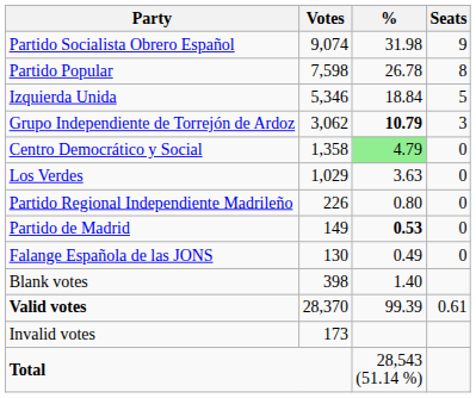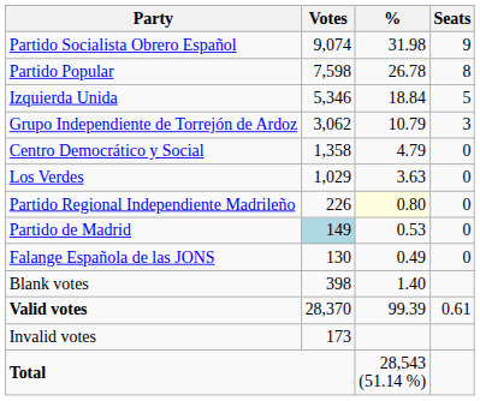 <table class="wikitable" border="1">
 <tr style="background-color:#E9E9E9">
 <th>Party</th>
 <th>Votes</th>
 <th>%</th>
 <th>Seats</th>
 </tr>
 <tr>
 <td><a href='#'>Partido Socialista Obrero Español</a></td>
 <td align="right">9,074</td>
 <td align="right">31.98</td>
 <td align="right">9</td>
 </tr>
 <tr>
 <td><a href='#'>Partido Popular</a></td>
 <td align="right">7,598</td>
 <td align="right">26.78</td>
 <td align="right">8</td>
 </tr>
 <tr>
 <td><a href='#'>Izquierda Unida</a></td>
 <td align="right">5,346</td>
 <td align="right">18.84</td>
 <td align="right">5</td>
 </tr>
 <tr>
 <td><a href='#'>Grupo Independiente de Torrejón de Ardoz</a></td>
 <td align="right">3,062</td>
-<td align="right"><strong>10.79</strong></td>
+<td align="right">10.79</td>
 <td align="right">3</td>
 </tr>
 <tr>
 <td><a href='#'>Centro Democrático y Social</a></td>
 <td align="right">1,358</td>
-<td align="right" style="background: lightgreen;">4.79</td>
+<td align="right">4.79</td>
 <td align="right">0</td>
 </tr>
 <tr>
 <td><a href='#'>Los Verdes</a></td>
 <td align="right">1,029</td>
 <td align="right">3.63</td>
 <td align="right">0</td>
 </tr>
 <tr>
 <td><a href='#'>Partido Regional Independiente Madrileño</a></td>
 <td align="right">226</td>
-<td align="right">0.80</td>
+<td align="right" style="background: lightyellow;">0.80</td>
 <td align="right">0</td>
 </tr>
 <tr>
 <td><a href='#'>Partido de Madrid</a></td>
-<td align="right">149</td>
-<td align="right"><strong>0.53</strong></td>
+<td align="right" style="background: lightblue;">149</td>
+<td align="right">0.53</td>
 <td align="right">0</td>
 </tr>
 <tr>
 <td><a href='#'>Falange Española de las JONS</a></td>
 <td align="right">130</td>
 <td align="right">0.49</td>
 <td align="right">0</td>
 </tr>
 <tr>
 <td>Blank votes</td>
 <td align="right">398</td>
 <td align="right">1.40</td>
 <td> </td>
 </tr>
 <tr>
 <td><strong>Valid votes</strong></td>
 <td align="right">28,370</td>
 <td align="right">99.39</td>
 <td align="right">0.61</td>
 </tr>
 <tr>
 <td>Invalid votes</td>
 <td align="right">173</td>
 <td> </td>
 <td> </td>
 </tr>
 <tr>
 <td colspan="2"><strong>Total</strong></td>
 <td align="right">28,543<br>(51.14 %)</td>
 <td></td>
 </tr>
 </table>
